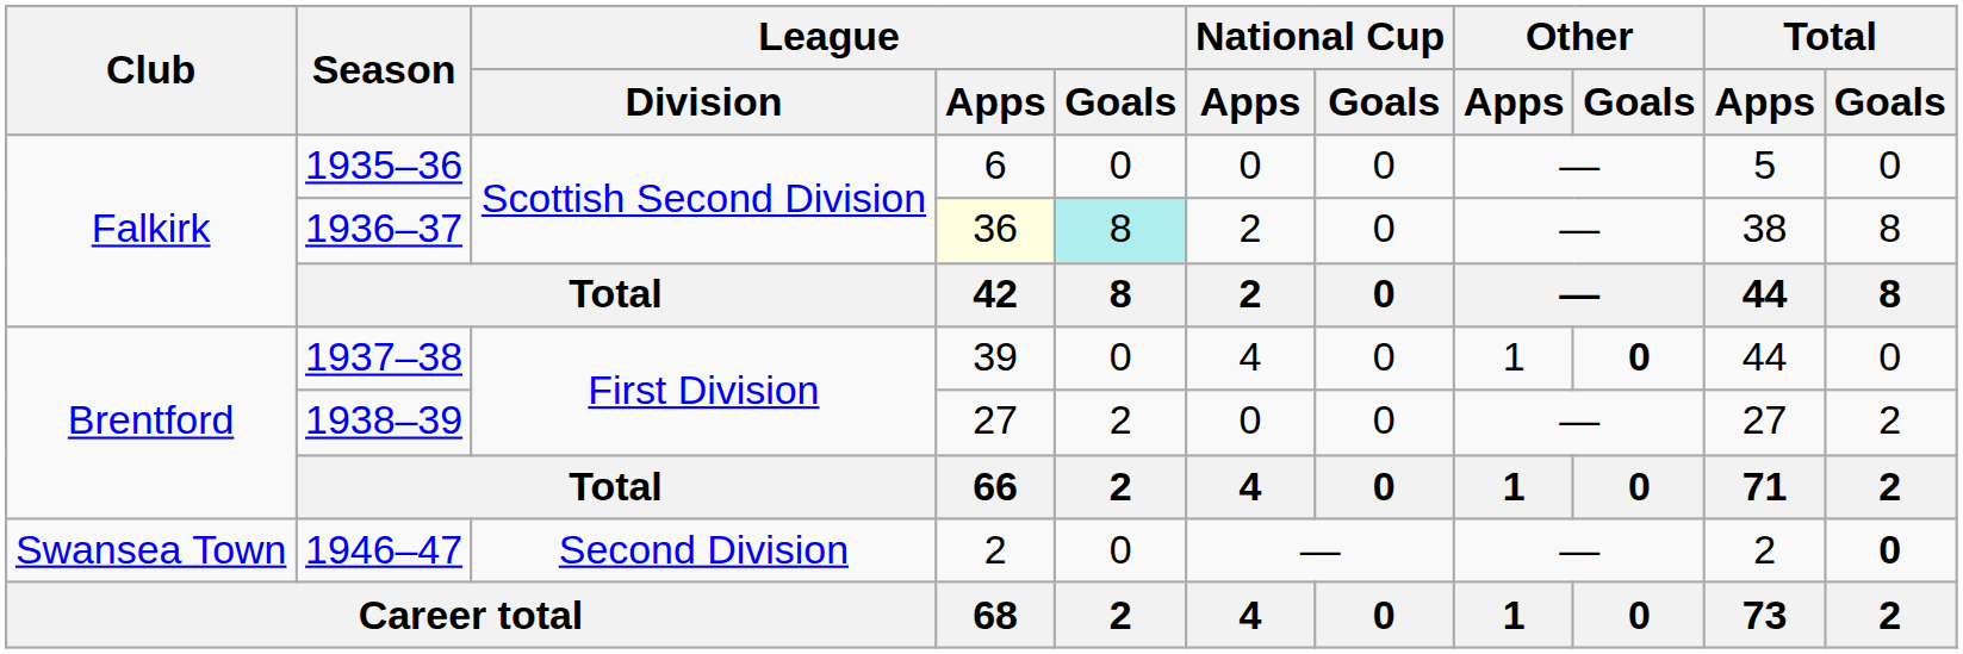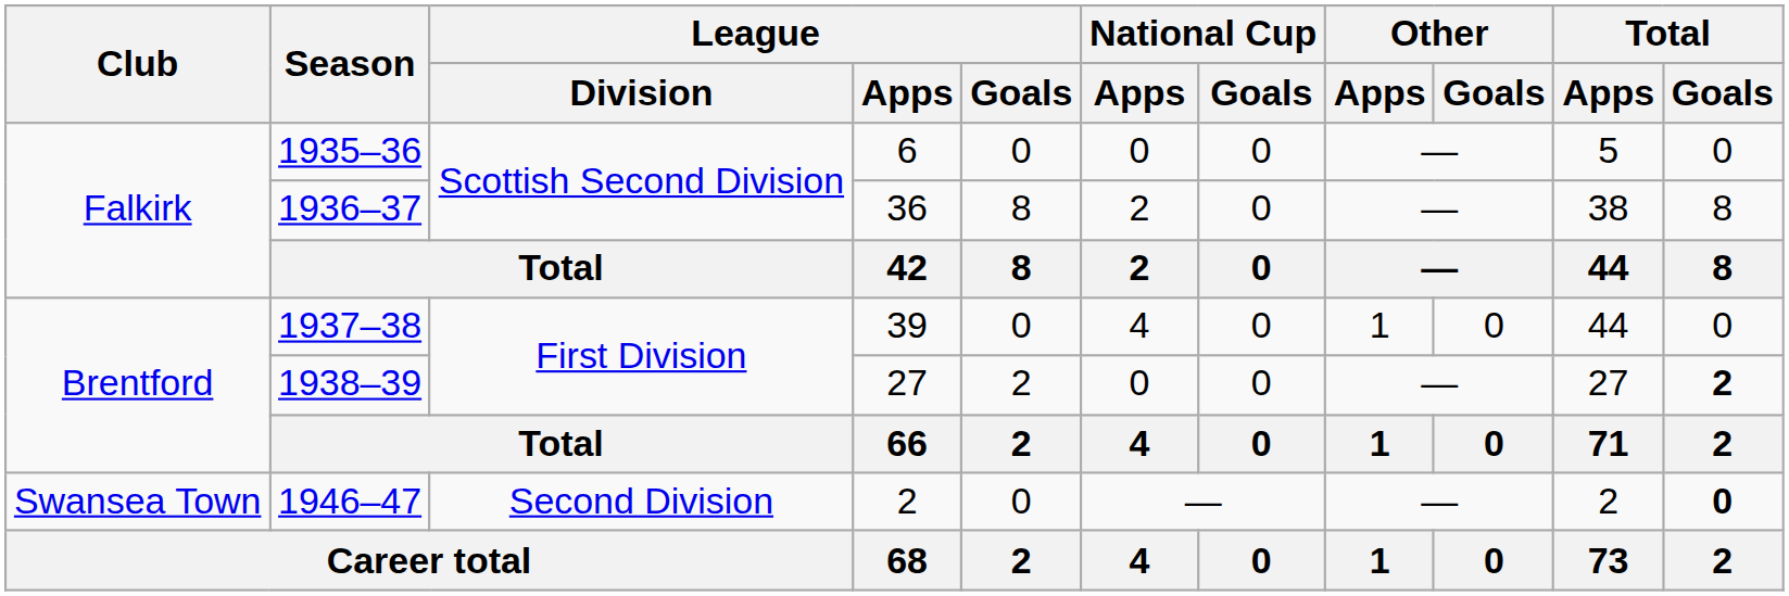 <table class="wikitable" style="text-align: center;">
 <tr>
 <th rowspan="2">Club</th>
 <th rowspan="2">Season</th>
 <th colspan="3">League</th>
 <th colspan="2">National Cup</th>
 <th colspan="2">Other</th>
 <th colspan="2">Total</th>
 </tr>
 <tr>
 <th>Division</th>
 <th>Apps</th>
 <th>Goals</th>
 <th>Apps</th>
 <th>Goals</th>
 <th>Apps</th>
 <th>Goals</th>
 <th>Apps</th>
 <th>Goals</th>
 </tr>
 <tr>
 <td rowspan="3"><a href='#'>Falkirk</a></td>
 <td><a href='#'>1935–36</a></td>
 <td rowspan="2"><a href='#'>Scottish Second Division</a></td>
 <td>6</td>
 <td>0</td>
 <td>0</td>
 <td>0</td>
 <td colspan="2">—</td>
 <td>5</td>
 <td>0</td>
 </tr>
 <tr>
 <td><a href='#'>1936–37</a></td>
-<td style="background: lightyellow;">36</td>
-<td style="background: paleturquoise;">8</td>
+<td>36</td>
+<td>8</td>
 <td>2</td>
 <td>0</td>
 <td colspan="2">—</td>
 <td>38</td>
 <td>8</td>
 </tr>
 <tr>
 <th colspan="2">Total</th>
 <th>42</th>
 <th>8</th>
 <th>2</th>
 <th>0</th>
 <th colspan="2">—</th>
 <th>44</th>
 <th>8</th>
 </tr>
 <tr>
 <td rowspan="3"><a href='#'>Brentford</a></td>
 <td><a href='#'>1937–38</a></td>
 <td rowspan="2"><a href='#'>First Division</a></td>
 <td>39</td>
 <td>0</td>
 <td>4</td>
 <td>0</td>
 <td>1</td>
-<td><strong>0</strong></td>
+<td>0</td>
 <td>44</td>
 <td>0</td>
 </tr>
 <tr>
 <td><a href='#'>1938–39</a></td>
 <td>27</td>
 <td>2</td>
 <td>0</td>
 <td>0</td>
 <td colspan="2">—</td>
 <td>27</td>
-<td>2</td>
+<td><strong>2</strong></td>
 </tr>
 <tr>
 <th colspan="2">Total</th>
 <th>66</th>
 <th>2</th>
 <th>4</th>
 <th>0</th>
 <th>1</th>
 <th>0</th>
 <th>71</th>
 <th>2</th>
 </tr>
 <tr>
 <td><a href='#'>Swansea Town</a></td>
 <td><a href='#'>1946–47</a></td>
 <td><a href='#'>Second Division</a></td>
 <td>2</td>
 <td>0</td>
 <td colspan="2">—</td>
 <td colspan="2">—</td>
 <td>2</td>
 <td><strong>0</strong></td>
 </tr>
 <tr>
 <th colspan="3">Career total</th>
 <th>68</th>
 <th>2</th>
 <th>4</th>
 <th>0</th>
 <th>1</th>
 <th>0</th>
 <th>73</th>
 <th>2</th>
 </tr>
 </table>
